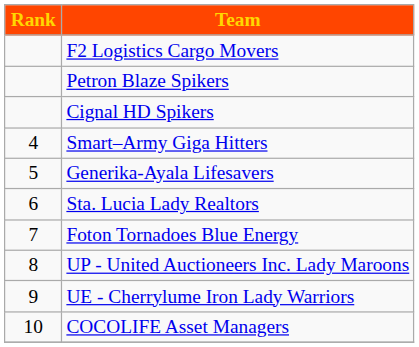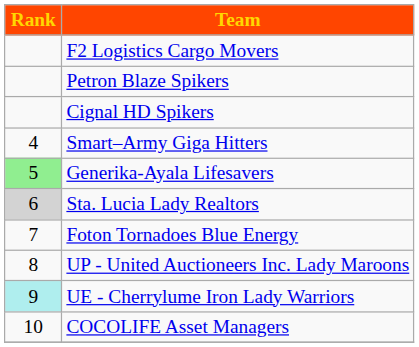 <table class="wikitable" style="text-align: center;">
 <tr>
 <th width=40 style="background:#FF4500; color:#FFD700;">Rank</th>
 <th style="background:#FF4500; color:#FFD700;">Team</th>
 </tr>
 <tr>
 <td></td>
 <td align="left"><a href='#'>F2 Logistics Cargo Movers</a></td>
 </tr>
 <tr>
 <td></td>
 <td align="left"><a href='#'>Petron Blaze Spikers</a></td>
 </tr>
 <tr>
 <td></td>
 <td align="left"> <a href='#'>Cignal HD Spikers</a></td>
 </tr>
 <tr>
 <td>4</td>
 <td align="left"> <a href='#'>Smart–Army Giga Hitters</a></td>
 </tr>
 <tr>
-<td>5</td>
+<td style="background: lightgreen;">5</td>
 <td align="left"> <a href='#'>Generika-Ayala Lifesavers</a></td>
 </tr>
 <tr>
-<td>6</td>
+<td style="background: lightgrey;">6</td>
 <td align="left"> <a href='#'>Sta. Lucia Lady Realtors</a></td>
 </tr>
 <tr>
 <td>7</td>
 <td align="left"> <a href='#'>Foton Tornadoes Blue Energy</a></td>
 </tr>
 <tr>
 <td>8</td>
 <td align="left"> <a href='#'>UP - United Auctioneers Inc. Lady Maroons</a></td>
 </tr>
 <tr>
-<td>9</td>
+<td style="background: paleturquoise;">9</td>
 <td align="left"> <a href='#'>UE - Cherrylume Iron Lady Warriors</a></td>
 </tr>
 <tr>
 <td>10</td>
 <td align="left"> <a href='#'>COCOLIFE Asset Managers</a></td>
 </tr>
 <tr>
 </tr>
 </table>
